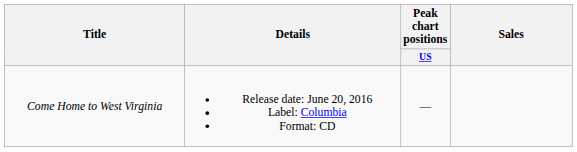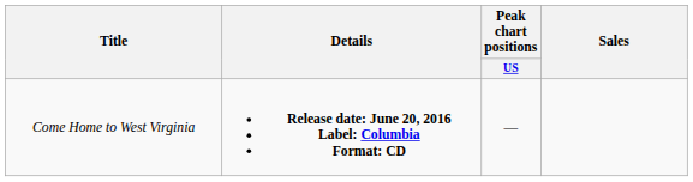 <table class="wikitable" style="text-align:center;">
 <tr>
 <th rowspan="2" style="width:15em;">Title</th>
 <th rowspan="2" style="width:18em;">Details</th>
 <th>Peak chart<br>positions</th>
 <th rowspan="2" style="width:10em;">Sales</th>
 </tr>
 <tr style="font-size:smaller;">
 <th style="width:45px;"><a href='#'>US</a></th>
 </tr>
 <tr>
 <td><em>Come Home to West Virginia</em></td>
-<td><br><ul><li>Release date: June 20, 2016</li><li>Label: <a href='#'>Columbia</a></li><li>Format: CD</li></ul></td>
+<td><strong><br><ul><li>Release date: June 20, 2016</li><li>Label: <a href='#'>Columbia</a></li><li>Format: CD</li></ul></strong></td>
 <td>—</td>
 <td></td>
 </tr>
 </table>
